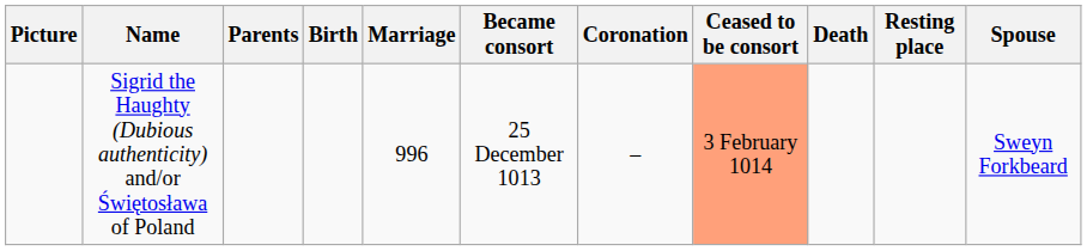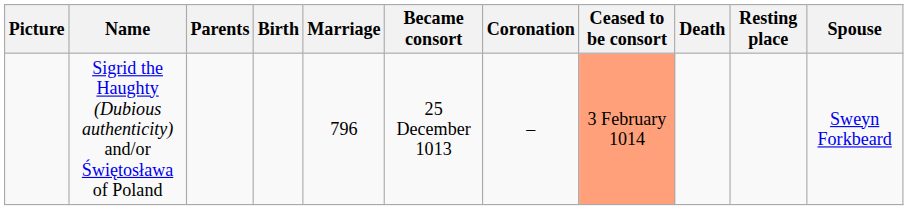 <table width=90% class="wikitable" style="text-align:center;">
 <tr>
 <th>Picture</th>
 <th>Name</th>
 <th>Parents</th>
 <th>Birth</th>
 <th>Marriage</th>
 <th>Became consort</th>
 <th>Coronation</th>
 <th>Ceased to be consort</th>
 <th>Death</th>
 <th>Resting place</th>
 <th>Spouse</th>
 </tr>
 <tr>
 <td></td>
 <td><a href='#'>Sigrid the Haughty</a><br><em>(Dubious authenticity)</em><br>and/or<br><a href='#'>Świętosława</a> of Poland</td>
 <td></td>
 <td></td>
-<td>996</td>
+<td>796</td>
 <td>25 December 1013</td>
 <td>–</td>
 <td style="background: lightsalmon;">3 February 1014</td>
 <td></td>
 <td></td>
 <td><a href='#'>Sweyn Forkbeard</a></td>
 </tr>
 </table>
